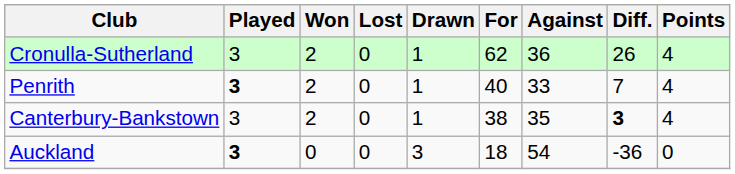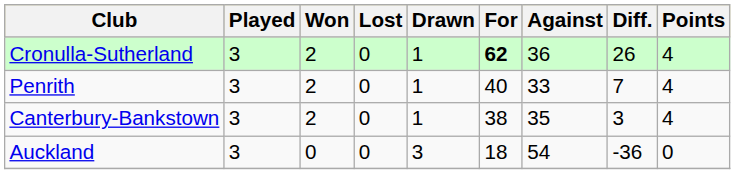 <table class="wikitable">
 <tr style="background:#bdb76b;">
 <th>Club</th>
 <th>Played</th>
 <th>Won</th>
 <th>Lost</th>
 <th>Drawn</th>
 <th>For</th>
 <th>Against</th>
 <th>Diff.</th>
 <th>Points</th>
 </tr>
 <tr style="background:#cfc;">
 <td> <a href='#'>Cronulla-Sutherland</a></td>
 <td>3</td>
 <td>2</td>
 <td>0</td>
 <td>1</td>
-<td>62</td>
+<td><strong>62</strong></td>
 <td>36</td>
 <td>26</td>
 <td>4</td>
 </tr>
 <tr>
 <td> <a href='#'>Penrith</a></td>
-<td><strong>3</strong></td>
+<td>3</td>
 <td>2</td>
 <td>0</td>
 <td>1</td>
 <td>40</td>
 <td>33</td>
 <td>7</td>
 <td>4</td>
 </tr>
 <tr>
 <td> <a href='#'>Canterbury-Bankstown</a></td>
 <td>3</td>
 <td>2</td>
 <td>0</td>
 <td>1</td>
 <td>38</td>
 <td>35</td>
-<td><strong>3</strong></td>
+<td>3</td>
 <td>4</td>
 </tr>
 <tr>
 <td> <a href='#'>Auckland</a></td>
-<td><strong>3</strong></td>
+<td>3</td>
 <td>0</td>
 <td>0</td>
 <td>3</td>
 <td>18</td>
 <td>54</td>
 <td>-36</td>
 <td>0</td>
 </tr>
 <tr>
 </tr>
 </table>
